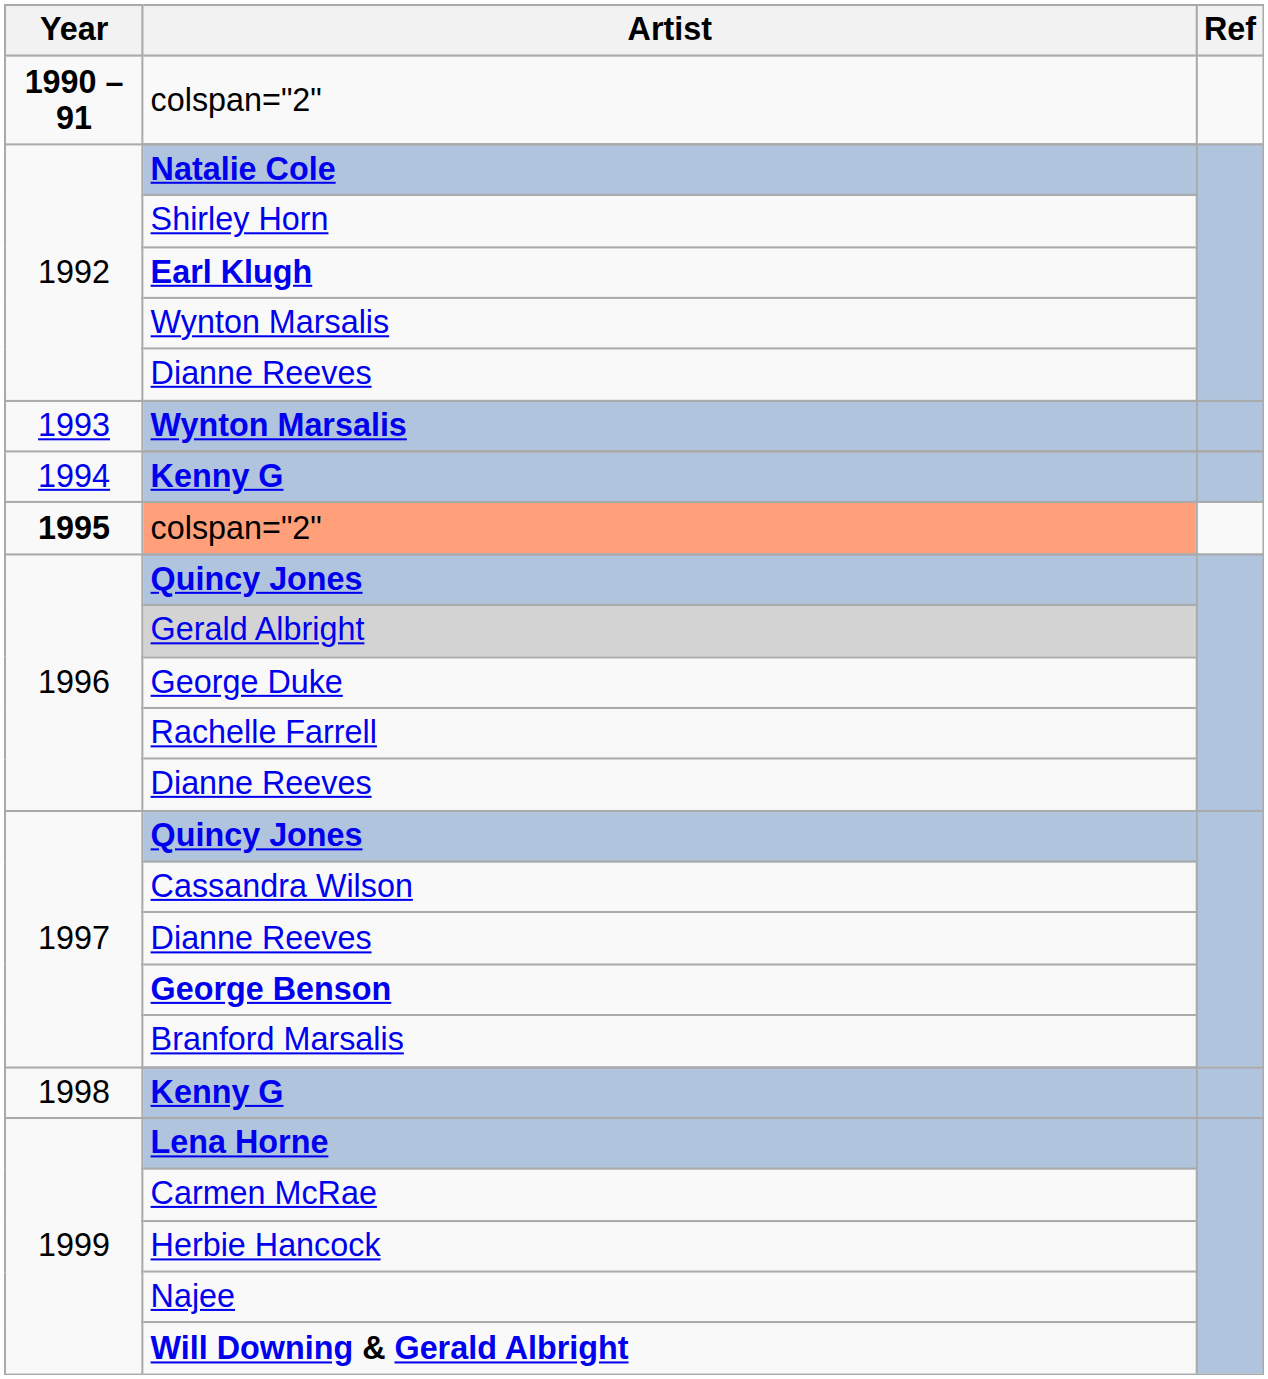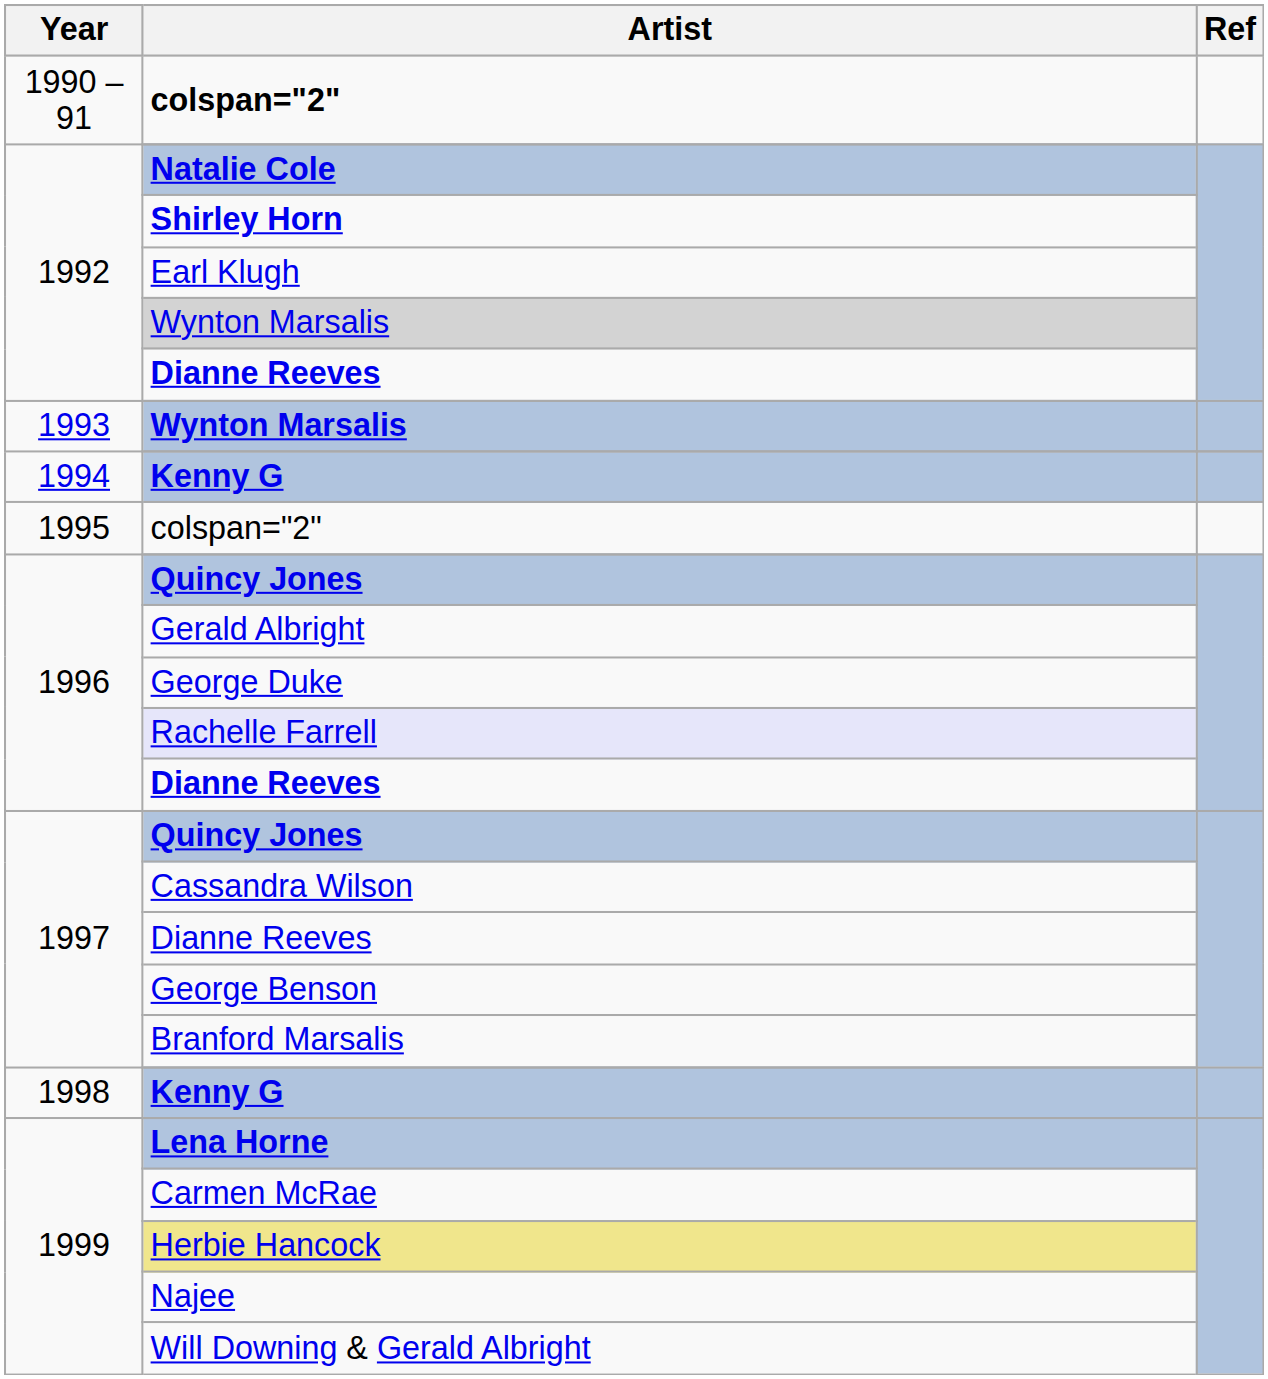 <table class="wikitable" style="width:100%;">
 <tr style="background:#bebebe;">
 <th style="width:11%;">Year</th>
 <th style="width:84%;">Artist</th>
 <th style="width:5%;">Ref</th>
 </tr>
 <tr>
-<td align="center"><strong>1990 – 91</strong></td>
-<td>colspan="2" </td>
+<td align="center">1990 – 91</td>
+<td><strong>colspan="2" </strong></td>
 </tr>
 <tr>
 <td rowspan="6" align="center">1992</td>
 </tr>
 <tr style="background:#B0C4DE">
 <td><strong><a href='#'>Natalie Cole</a></strong></td>
 <td rowspan="6" align="center"></td>
 </tr>
 <tr>
-<td><a href='#'>Shirley Horn</a></td>
+<td><strong><a href='#'>Shirley Horn</a></strong></td>
 </tr>
 <tr>
-<td><strong><a href='#'>Earl Klugh</a></strong></td>
+<td><a href='#'>Earl Klugh</a></td>
 </tr>
 <tr>
-<td><a href='#'>Wynton Marsalis</a></td>
+<td style="background: lightgrey;"><a href='#'>Wynton Marsalis</a></td>
 </tr>
 <tr>
-<td><a href='#'>Dianne Reeves</a></td>
+<td><strong><a href='#'>Dianne Reeves</a></strong></td>
 </tr>
 <tr>
 <td rowspan="2" align="center"><a href='#'>1993</a></td>
 </tr>
 <tr style="background:#B0C4DE">
 <td><strong><a href='#'>Wynton Marsalis</a></strong></td>
 <td align="center"></td>
 </tr>
 <tr>
 <td rowspan="2" align="center"><a href='#'>1994</a></td>
 </tr>
 <tr style="background:#B0C4DE">
 <td><strong><a href='#'>Kenny G</a></strong></td>
 <td align="center"></td>
 </tr>
 <tr>
-<td align="center"><strong>1995</strong></td>
-<td style="background: lightsalmon;">colspan="2" </td>
+<td align="center">1995</td>
+<td>colspan="2" </td>
 </tr>
 <tr>
 <td rowspan="6" align="center">1996</td>
 </tr>
 <tr style="background:#B0C4DE">
 <td><strong><a href='#'>Quincy Jones</a></strong></td>
 <td rowspan="6" align="center"></td>
 </tr>
 <tr>
-<td style="background: lightgrey;"><a href='#'>Gerald Albright</a></td>
+<td><a href='#'>Gerald Albright</a></td>
 </tr>
 <tr>
 <td><a href='#'>George Duke</a></td>
 </tr>
 <tr>
-<td><a href='#'>Rachelle Farrell</a></td>
+<td style="background: lavender;"><a href='#'>Rachelle Farrell</a></td>
 </tr>
 <tr>
-<td><a href='#'>Dianne Reeves</a></td>
+<td><strong><a href='#'>Dianne Reeves</a></strong></td>
 </tr>
 <tr>
 <td rowspan="6" align="center">1997</td>
 </tr>
 <tr style="background:#B0C4DE">
 <td><strong><a href='#'>Quincy Jones</a></strong></td>
 <td rowspan="6" align="center"></td>
 </tr>
 <tr>
 <td><a href='#'>Cassandra Wilson</a></td>
 </tr>
 <tr>
 <td><a href='#'>Dianne Reeves</a></td>
 </tr>
 <tr>
-<td><strong><a href='#'>George Benson</a></strong></td>
+<td><a href='#'>George Benson</a></td>
 </tr>
 <tr>
 <td><a href='#'>Branford Marsalis</a></td>
 </tr>
 <tr>
 <td rowspan="2" align="center">1998</td>
 </tr>
 <tr style="background:#B0C4DE">
 <td><strong><a href='#'>Kenny G</a></strong></td>
 <td rowspan="2" align="center"></td>
 </tr>
 <tr>
 <td rowspan="6" align="center">1999</td>
 </tr>
 <tr style="background:#B0C4DE">
 <td><strong><a href='#'>Lena Horne</a></strong></td>
 <td rowspan="6" align="center"></td>
 </tr>
 <tr>
 <td><a href='#'>Carmen McRae</a></td>
 </tr>
 <tr>
-<td><a href='#'>Herbie Hancock</a></td>
+<td style="background: khaki;"><a href='#'>Herbie Hancock</a></td>
 </tr>
 <tr>
 <td><a href='#'>Najee</a></td>
 </tr>
 <tr>
-<td><strong><a href='#'>Will Downing</a> & <a href='#'>Gerald Albright</a></strong></td>
+<td><a href='#'>Will Downing</a> & <a href='#'>Gerald Albright</a></td>
 </tr>
 </table>
